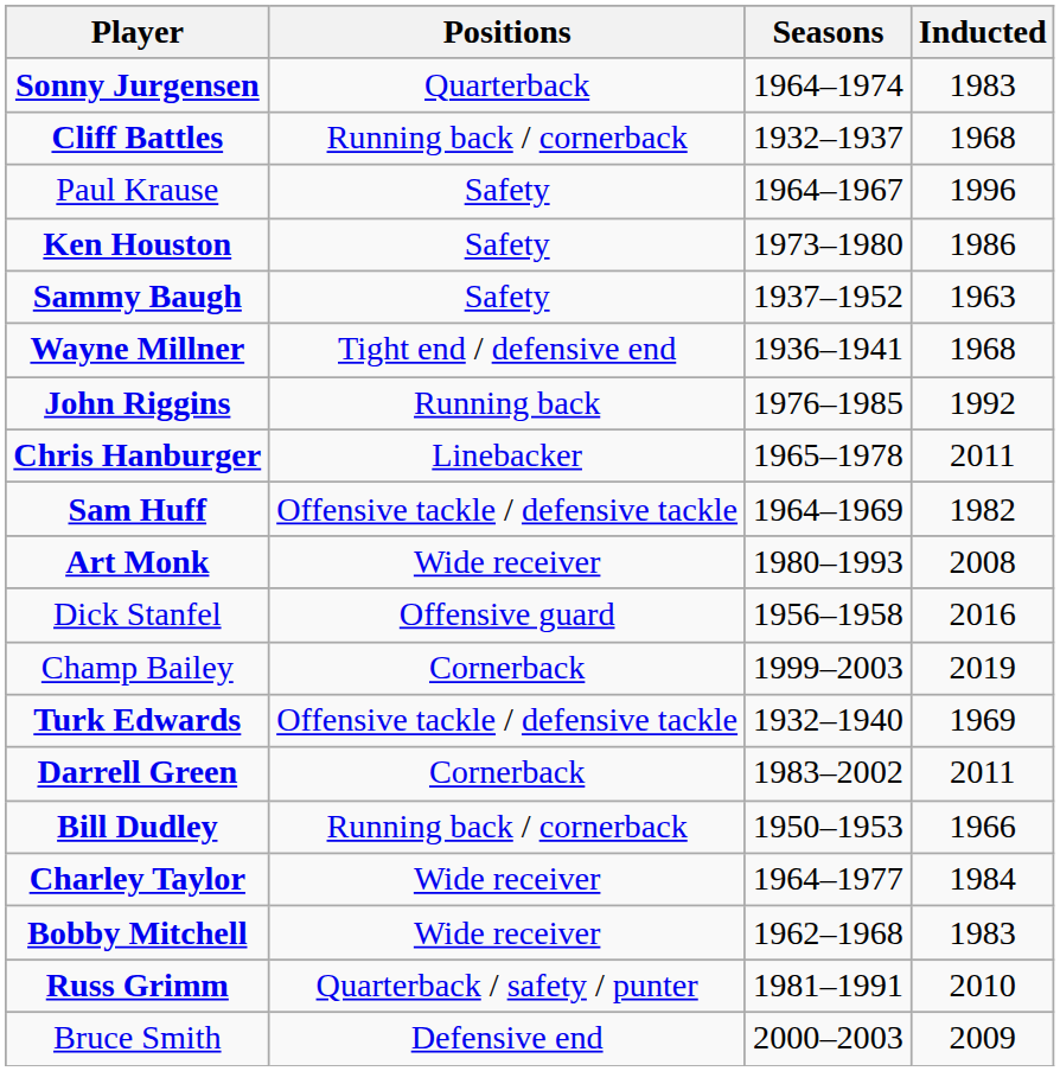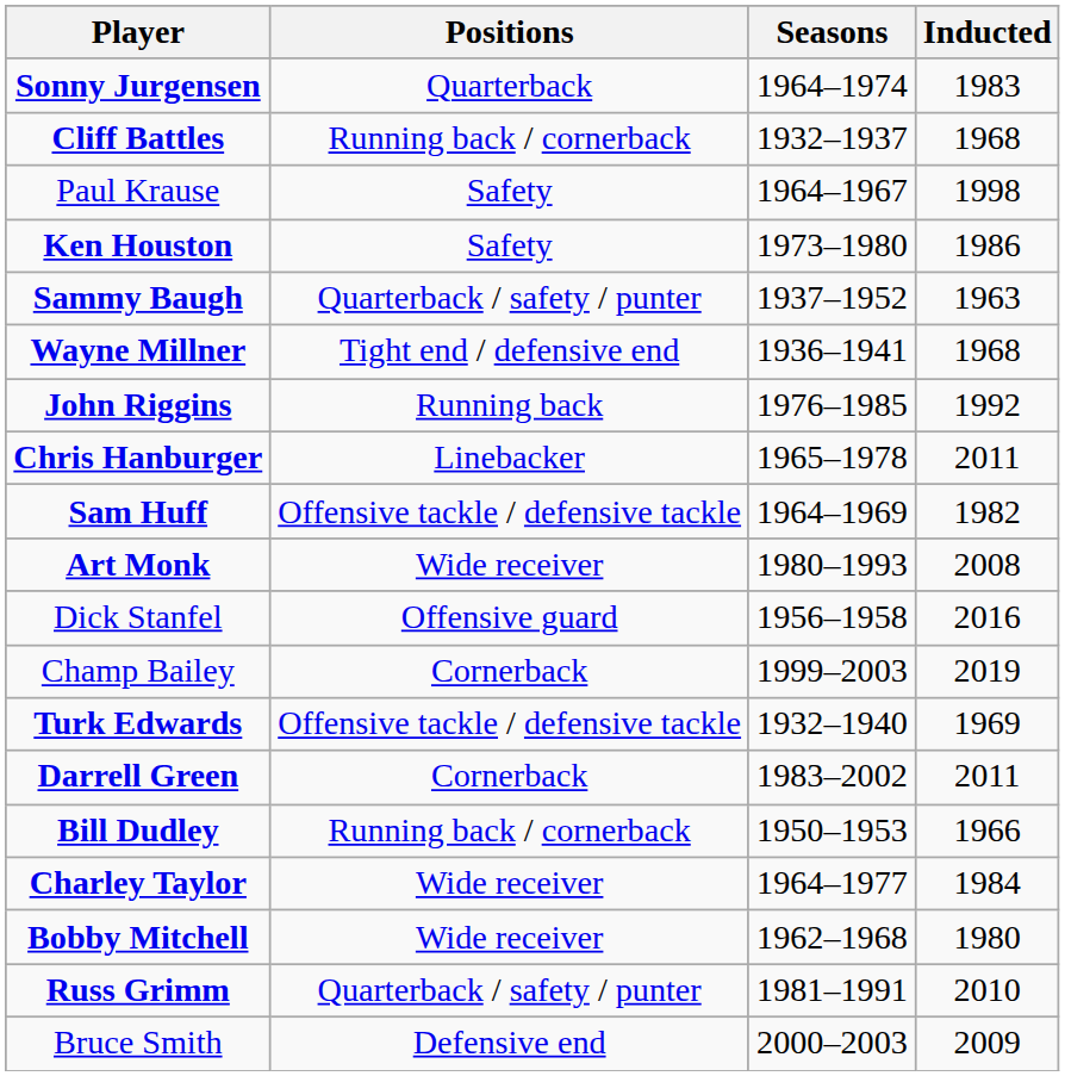 <table class="wikitable" style="text-align:center">
 <tr>
 <th>Player</th>
 <th>Positions</th>
 <th>Seasons</th>
 <th>Inducted</th>
 </tr>
 <tr>
 <td><strong><a href='#'>Sonny Jurgensen</a></strong></td>
 <td><a href='#'>Quarterback</a></td>
 <td>1964–1974</td>
 <td>1983</td>
 </tr>
 <tr>
 <td><strong><a href='#'>Cliff Battles</a></strong></td>
 <td><a href='#'>Running back</a> / <a href='#'>cornerback</a></td>
 <td>1932–1937</td>
 <td>1968</td>
 </tr>
 <tr>
 <td><a href='#'>Paul Krause</a></td>
 <td><a href='#'>Safety</a></td>
 <td>1964–1967</td>
-<td>1996</td>
+<td>1998</td>
 </tr>
 <tr>
 <td><strong><a href='#'>Ken Houston</a></strong></td>
 <td><a href='#'>Safety</a></td>
 <td>1973–1980</td>
 <td>1986</td>
 </tr>
 <tr>
 <td><strong><a href='#'>Sammy Baugh</a></strong></td>
-<td><a href='#'>Safety</a></td>
+<td><a href='#'>Quarterback</a> / <a href='#'>safety</a> / <a href='#'>punter</a></td>
 <td>1937–1952</td>
 <td>1963</td>
 </tr>
 <tr>
 <td><strong><a href='#'>Wayne Millner</a></strong></td>
 <td><a href='#'>Tight end</a> / <a href='#'>defensive end</a></td>
 <td>1936–1941</td>
 <td>1968</td>
 </tr>
 <tr>
 <td><strong><a href='#'>John Riggins</a></strong></td>
 <td><a href='#'>Running back</a></td>
 <td>1976–1985</td>
 <td>1992</td>
 </tr>
 <tr>
 <td><strong><a href='#'>Chris Hanburger</a></strong></td>
 <td><a href='#'>Linebacker</a></td>
 <td>1965–1978</td>
 <td>2011</td>
 </tr>
 <tr>
 <td><strong><a href='#'>Sam Huff</a></strong></td>
 <td><a href='#'>Offensive tackle</a> / <a href='#'>defensive tackle</a></td>
 <td>1964–1969</td>
 <td>1982</td>
 </tr>
 <tr>
 <td><strong><a href='#'>Art Monk</a></strong></td>
 <td><a href='#'>Wide receiver</a></td>
 <td>1980–1993</td>
 <td>2008</td>
 </tr>
 <tr>
 <td><a href='#'>Dick Stanfel</a></td>
 <td><a href='#'>Offensive guard</a></td>
 <td>1956–1958</td>
 <td>2016</td>
 </tr>
 <tr>
 <td><a href='#'>Champ Bailey</a></td>
 <td><a href='#'>Cornerback</a></td>
 <td>1999–2003</td>
 <td>2019</td>
 </tr>
 <tr>
 <td><strong><a href='#'>Turk Edwards</a></strong></td>
 <td><a href='#'>Offensive tackle</a> / <a href='#'>defensive tackle</a></td>
 <td>1932–1940</td>
 <td>1969</td>
 </tr>
 <tr>
 <td><strong><a href='#'>Darrell Green</a></strong></td>
 <td><a href='#'>Cornerback</a></td>
 <td>1983–2002</td>
 <td>2011</td>
 </tr>
 <tr>
 <td><strong><a href='#'>Bill Dudley</a></strong></td>
 <td><a href='#'>Running back</a> / <a href='#'>cornerback</a></td>
 <td>1950–1953</td>
 <td>1966</td>
 </tr>
 <tr>
 <td><strong><a href='#'>Charley Taylor</a></strong></td>
 <td><a href='#'>Wide receiver</a></td>
 <td>1964–1977</td>
 <td>1984</td>
 </tr>
 <tr>
 <td><strong><a href='#'>Bobby Mitchell</a></strong></td>
 <td><a href='#'>Wide receiver</a></td>
 <td>1962–1968</td>
-<td>1983</td>
+<td>1980</td>
 </tr>
 <tr>
 <td><strong><a href='#'>Russ Grimm</a></strong></td>
 <td><a href='#'>Quarterback</a> / <a href='#'>safety</a> / <a href='#'>punter</a></td>
 <td>1981–1991</td>
 <td>2010</td>
 </tr>
 <tr>
 <td><a href='#'>Bruce Smith</a></td>
 <td><a href='#'>Defensive end</a></td>
 <td>2000–2003</td>
 <td>2009</td>
 </tr>
 </table>
